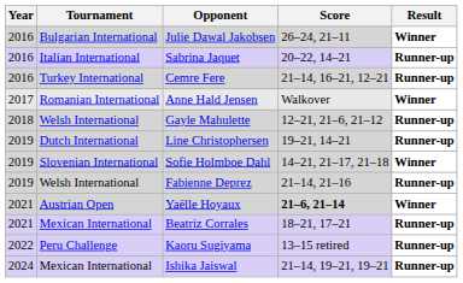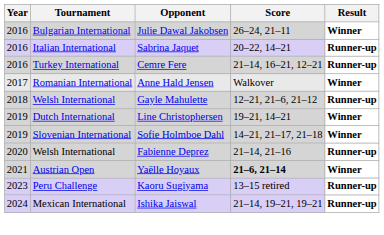 <table class="sortable wikitable" style="font-size: 90%;">
 <tr>
 <th>Year</th>
 <th>Tournament</th>
 <th>Opponent</th>
 <th>Score</th>
 <th>Result</th>
 </tr>
 <tr style="background:#D5D5D5">
 <td align="center">2016</td>
 <td align="left"><a href='#'>Bulgarian International</a></td>
 <td align="left"> <a href='#'>Julie Dawal Jakobsen</a></td>
 <td align="left">26–24, 21–11</td>
 <td style="text-align:left; background:white"> <strong>Winner</strong></td>
 </tr>
 <tr style="background:#D8CEF6">
 <td align="center">2016</td>
 <td align="left"><a href='#'>Italian International</a></td>
 <td align="left"> <a href='#'>Sabrina Jaquet</a></td>
 <td align="left">20–22, 14–21</td>
 <td style="text-align:left; background:white"> <strong>Runner-up</strong></td>
 </tr>
 <tr style="background:#D5D5D5">
 <td align="center">2016</td>
 <td align="left"><a href='#'>Turkey International</a></td>
 <td align="left"> <a href='#'>Cemre Fere</a></td>
 <td align="left">21–14, 16–21, 12–21</td>
 <td style="text-align:left; background:white"> <strong>Runner-up</strong></td>
 </tr>
 <tr style="background:#E9E9E9">
 <td align="center">2017</td>
 <td align="left"><a href='#'>Romanian International</a></td>
 <td align="left"> <a href='#'>Anne Hald Jensen</a></td>
 <td align="left">Walkover</td>
 <td style="text-align:left; background:white"> <strong>Winner</strong></td>
 </tr>
 <tr style="background:#D5D5D5">
 <td align="center">2018</td>
 <td align="left"><a href='#'>Welsh International</a></td>
 <td align="left"> <a href='#'>Gayle Mahulette</a></td>
 <td align="left">12–21, 21–6, 21–12</td>
 <td style="text-align:left; background:white"> <strong>Runner-up</strong></td>
 </tr>
 <tr style="background:#D5D5D5">
 <td align="center">2019</td>
 <td align="left"><a href='#'>Dutch International</a></td>
 <td align="left"> <a href='#'>Line Christophersen</a></td>
 <td align="left">19–21, 14–21</td>
-<td style="text-align:left; background:white"> <strong>Runner-up</strong></td>
+<td style="text-align:left; background:white"> <strong>Winner</strong></td>
 </tr>
 <tr style="background:#D5D5D5">
 <td align="center">2019</td>
 <td align="left"><a href='#'>Slovenian International</a></td>
 <td align="left"> <a href='#'>Sofie Holmboe Dahl</a></td>
 <td align="left">14–21, 21–17, 21–18</td>
 <td style="text-align:left; background:white"> <strong>Winner</strong></td>
 </tr>
 <tr style="background:#D5D5D5">
-<td align="center">2019</td>
+<td align="center">2020</td>
 <td align="left">Welsh International</td>
 <td align="left"> <a href='#'>Fabienne Deprez</a></td>
 <td align="left">21–14, 21–16</td>
 <td style="text-align:left; background:white"> <strong>Runner-up</strong></td>
 </tr>
 <tr style="background:#D5D5D5">
 <td align="center">2021</td>
 <td align="left"><a href='#'>Austrian Open</a></td>
 <td align="left"> <a href='#'>Yaëlle Hoyaux</a></td>
 <td align="left"><strong>21–6, 21–14</strong></td>
 <td style="text-align:left; background:white"> <strong>Winner</strong></td>
 </tr>
 <tr style="background:#D8CEF6">
-<td align="center">2021</td>
-<td align="left"><a href='#'>Mexican International</a></td>
-<td align="left"> <a href='#'>Beatriz Corrales</a></td>
-<td align="left">18–21, 17–21</td>
-<td style="text-align:left; background:white"> <strong>Runner-up</strong></td>
-</tr>
-<tr style="background:#D8CEF6">
-<td align="center">2022</td>
+<td align="center">2023</td>
 <td align="left"><a href='#'>Peru Challenge</a></td>
 <td align="left"> <a href='#'>Kaoru Sugiyama</a></td>
 <td align="left">13–15 retired</td>
 <td style="text-align:left; background:white"> <strong>Runner-up</strong></td>
 </tr>
 <tr style="background:#D8CEF6">
 <td align="center">2024</td>
 <td align="left">Mexican International</td>
 <td align="left"> <a href='#'>Ishika Jaiswal</a></td>
 <td style="text-align:left">21–14, 19–21, 19–21</td>
 <td style="text-align:left; background:white"> <strong>Runner-up</strong></td>
 </tr>
 </table>
